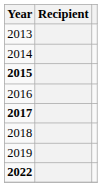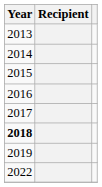 <table class="wikitable plainrowheaders sortable" style="text-align:center">
 <tr>
 <th scope=col>Year</th>
 <th scope=col>Recipient</th>
 <th scope=col class=unsortable></th>
 </tr>
 <tr>
 <td>2013</td>
 <th scope=row style="text-align:center;"></th>
 <td></td>
 </tr>
 <tr>
 <td>2014</td>
 <th scope=row style="text-align:center;"></th>
 <td></td>
 </tr>
 <tr>
-<td><strong>2015</strong></td>
+<td>2015</td>
 <th scope=row style="text-align:center;"></th>
 <td></td>
 </tr>
 <tr>
 <td>2016</td>
 <th scope=row style="text-align:center;"></th>
 <td></td>
 </tr>
 <tr>
-<td><strong>2017</strong></td>
+<td>2017</td>
 <th scope=row style="text-align:center;"></th>
 <td></td>
 </tr>
 <tr>
-<td>2018</td>
+<td><strong>2018</strong></td>
 <th scope=row style="text-align:center;"></th>
 <td></td>
 </tr>
 <tr>
 <td>2019</td>
 <th scope=row style="text-align:center;"></th>
 <td></td>
 </tr>
 <tr>
-<td><strong>2022</strong></td>
+<td>2022</td>
 <th scope=row style="text-align:center;"></th>
 <td></td>
 </tr>
 <tr>
 </tr>
 </table>
